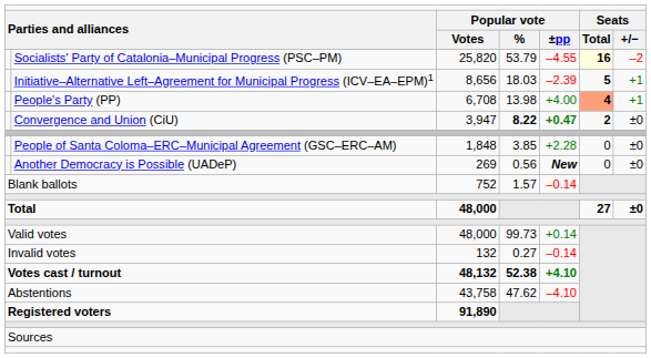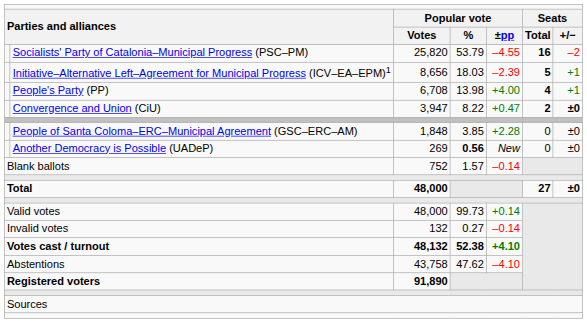 <table class="wikitable" style="text-align:right;">
 <tr>
 <td colspan="7"></td>
 </tr>
 <tr>
 <th style="text-align:left;" rowspan="2" colspan="2" width="525">Parties and alliances</th>
 <th colspan="3">Popular vote</th>
 <th colspan="2">Seats</th>
 </tr>
 <tr>
 <th width="75">Votes</th>
 <th width="45">%</th>
 <th width="45">±<a href='#'>pp</a></th>
 <th width="35">Total</th>
 <th width="35">+/−</th>
 </tr>
 <tr>
 <td width="1" style="color:inherit;background:"></td>
 <td align="left"><a href='#'>Socialists' Party of Catalonia–Municipal Progress</a> (PSC–PM)</td>
 <td>25,820</td>
 <td>53.79</td>
 <td style="color:red;">–4.55</td>
-<td style="background: lightyellow;"><strong>16</strong></td>
+<td><strong>16</strong></td>
 <td style="color:red;">–2</td>
 </tr>
 <tr>
 <td style="color:inherit;background:"></td>
 <td align="left"><a href='#'>Initiative–Alternative Left–Agreement for Municipal Progress</a> (ICV–EA–EPM)<sup>1</sup></td>
 <td>8,656</td>
 <td>18.03</td>
 <td style="color:red;">–2.39</td>
 <td><strong>5</strong></td>
 <td style="color:green;">+1</td>
 </tr>
 <tr>
 <td style="color:inherit;background:"></td>
 <td align="left"><a href='#'>People's Party</a> (PP)</td>
 <td>6,708</td>
 <td>13.98</td>
 <td style="color:green;">+4.00</td>
-<td style="background: lightsalmon;"><strong>4</strong></td>
+<td><strong>4</strong></td>
 <td style="color:green;">+1</td>
 </tr>
 <tr>
 <td style="color:inherit;background:"></td>
 <td align="left"><a href='#'>Convergence and Union</a> (CiU)</td>
 <td>3,947</td>
-<td><strong>8.22</strong></td>
-<td style="color:green;"><strong>+0.47</strong></td>
+<td>8.22</td>
+<td style="color:green;">+0.47</td>
 <td><strong>2</strong></td>
-<td>±0</td>
+<td><strong>±0</strong></td>
 </tr>
 <tr>
 <td colspan="7" style="color:inherit;background:#C0C0C0"></td>
 </tr>
 <tr>
 <td style="color:inherit;background:"></td>
 <td align="left"><a href='#'>People of Santa Coloma–ERC–Municipal Agreement</a> (GSC–ERC–AM)</td>
 <td>1,848</td>
 <td>3.85</td>
 <td style="color:green;">+2.28</td>
 <td>0</td>
 <td>±0</td>
 </tr>
 <tr>
 <td style="color:inherit;background:"></td>
 <td align="left"><a href='#'>Another Democracy is Possible</a> (UADeP)</td>
 <td>269</td>
-<td>0.56</td>
-<td><strong><em>New</em></strong></td>
+<td><strong>0.56</strong></td>
+<td><em>New</em></td>
 <td>0</td>
 <td>±0</td>
 </tr>
 <tr>
 <td align="left" colspan="2">Blank ballots</td>
 <td>752</td>
 <td>1.57</td>
 <td style="color:red;">–0.14</td>
 <td style="color:inherit;background:#E9E9E9" colspan="2"></td>
 </tr>
 <tr>
 <td colspan="7" style="color:inherit;background:#E9E9E9"></td>
 </tr>
 <tr style="font-weight:bold;">
 <td align="left" colspan="2">Total</td>
 <td>48,000</td>
 <td bgcolor="#E9E9E9" colspan="2"></td>
 <td>27</td>
 <td>±0</td>
 </tr>
 <tr>
 <td colspan="7" style="color:inherit;background:#E9E9E9"></td>
 </tr>
 <tr>
 <td align="left" colspan="2">Valid votes</td>
 <td>48,000</td>
 <td>99.73</td>
 <td style="color:green;">+0.14</td>
 <td bgcolor="#E9E9E9" colspan="2" rowspan="5"></td>
 </tr>
 <tr>
 <td align="left" colspan="2">Invalid votes</td>
 <td>132</td>
 <td>0.27</td>
 <td style="color:red;">–0.14</td>
 </tr>
 <tr style="font-weight:bold;">
 <td align="left" colspan="2">Votes cast / turnout</td>
 <td>48,132</td>
 <td>52.38</td>
 <td style="color:green;">+4.10</td>
 </tr>
 <tr>
 <td align="left" colspan="2">Abstentions</td>
 <td>43,758</td>
 <td>47.62</td>
 <td style="color:red;">–4.10</td>
 </tr>
 <tr style="font-weight:bold;">
 <td align="left" colspan="2">Registered voters</td>
 <td>91,890</td>
 <td bgcolor="#E9E9E9" colspan="2"></td>
 </tr>
 <tr>
 <td colspan="7" style="color:inherit;background:#E9E9E9"></td>
 </tr>
 <tr>
 <td align="left" colspan="7">Sources</td>
 </tr>
 <tr>
 <td colspan="7" style="text-align:left; max-width:790px;"></td>
 </tr>
 </table>
